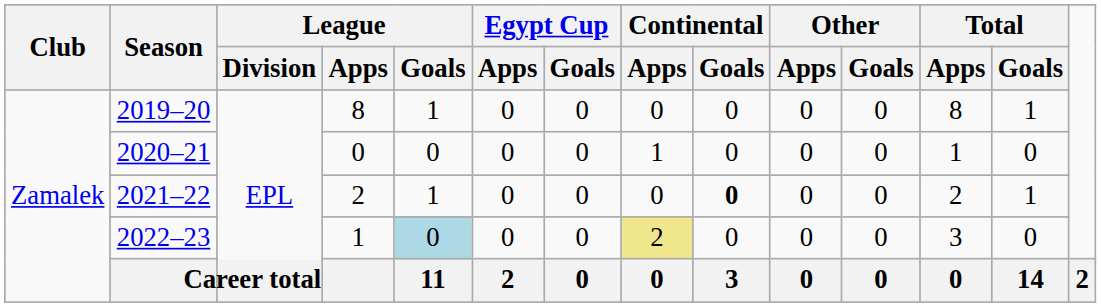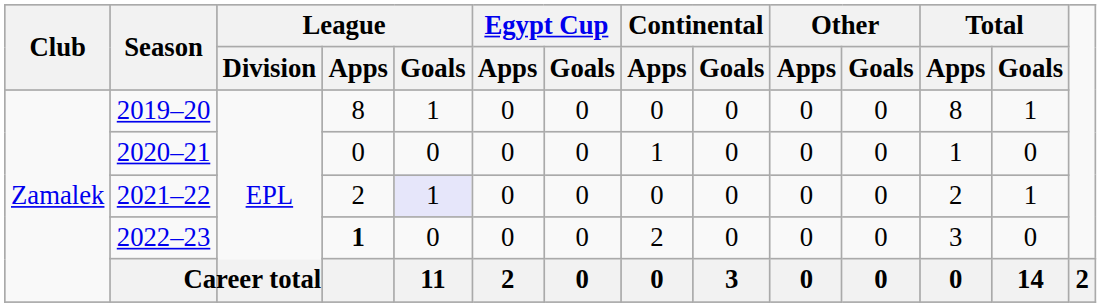 <table class="wikitable" style="text-align:center">
 <tr>
 <th rowspan="2">Club</th>
 <th rowspan="2">Season</th>
 <th colspan="3">League</th>
 <th colspan="2"><a href='#'>Egypt Cup</a></th>
 <th colspan="2">Continental</th>
 <th colspan="2">Other</th>
 <th colspan="2">Total</th>
 </tr>
 <tr>
 <th>Division</th>
 <th>Apps</th>
 <th>Goals</th>
 <th>Apps</th>
 <th>Goals</th>
 <th>Apps</th>
 <th>Goals</th>
 <th>Apps</th>
 <th>Goals</th>
 <th>Apps</th>
 <th>Goals</th>
 </tr>
 <tr>
 <td rowspan="5"><a href='#'>Zamalek</a></td>
 <td><a href='#'>2019–20</a></td>
 <td rowspan="5"><a href='#'>EPL</a></td>
 <td>8</td>
 <td>1</td>
 <td>0</td>
 <td>0</td>
 <td>0</td>
 <td>0</td>
 <td>0</td>
 <td>0</td>
 <td>8</td>
 <td>1</td>
 </tr>
 <tr>
 <td><a href='#'>2020–21</a></td>
 <td>0</td>
 <td>0</td>
 <td>0</td>
 <td>0</td>
 <td>1</td>
 <td>0</td>
 <td>0</td>
 <td>0</td>
 <td>1</td>
 <td>0</td>
 </tr>
 <tr>
 <td><a href='#'>2021–22</a></td>
 <td>2</td>
-<td>1</td>
+<td style="background: lavender;">1</td>
 <td>0</td>
 <td>0</td>
 <td>0</td>
-<td><strong>0</strong></td>
+<td>0</td>
 <td>0</td>
 <td>0</td>
 <td>2</td>
 <td>1</td>
 </tr>
 <tr>
 <td><a href='#'>2022–23</a></td>
-<td>1</td>
-<td style="background: lightblue;">0</td>
+<td><strong>1</strong></td>
 <td>0</td>
 <td>0</td>
-<td style="background: khaki;">2</td>
+<td>0</td>
+<td>2</td>
 <td>0</td>
 <td>0</td>
 <td>0</td>
 <td>3</td>
 <td>0</td>
 </tr>
 <tr>
 <th colspan="3">Career total</th>
 <th>11</th>
 <th>2</th>
 <th>0</th>
 <th>0</th>
 <th>3</th>
 <th>0</th>
 <th>0</th>
 <th>0</th>
 <th>14</th>
 <th>2</th>
 </tr>
 </table>
